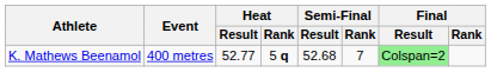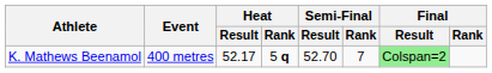 <table class="wikitable" style="font-size:90%">
 <tr>
 <th rowspan="2">Athlete</th>
 <th rowspan="2">Event</th>
 <th colspan="2">Heat</th>
 <th colspan="2">Semi-Final</th>
 <th colspan="2">Final</th>
 </tr>
 <tr style="font-size:95%">
 <th>Result</th>
 <th>Rank</th>
 <th>Result</th>
 <th>Rank</th>
 <th>Result</th>
 <th>Rank</th>
 </tr>
 <tr style="text-align:center">
 <td style="text-align:left"><a href='#'>K. Mathews Beenamol</a></td>
 <td style="text-align:left"><a href='#'>400 metres</a></td>
-<td>52.77</td>
+<td>52.17</td>
 <td>5 <strong>q</strong></td>
-<td>52.68</td>
+<td>52.70</td>
 <td>7</td>
 <td style="background: lightgreen;">Colspan=2 </td>
 </tr>
 </table>
